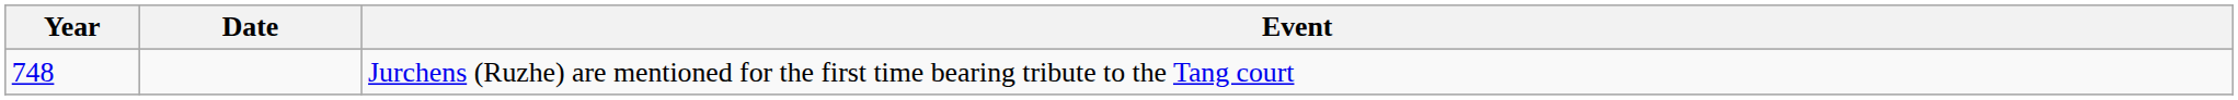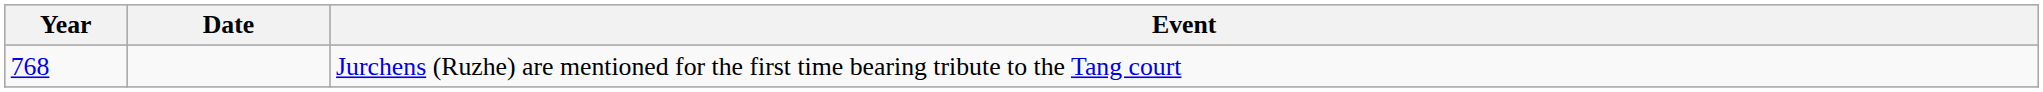 <table class="wikitable" width="100%">
 <tr>
 <th style="width:6%">Year</th>
 <th style="width:10%">Date</th>
 <th>Event</th>
 </tr>
 <tr>
-<td><a href='#'>748</a></td>
+<td><a href='#'>768</a></td>
 <td></td>
 <td><a href='#'>Jurchens</a> (Ruzhe) are mentioned for the first time bearing tribute to the <a href='#'>Tang court</a></td>
 </tr>
 </table>
